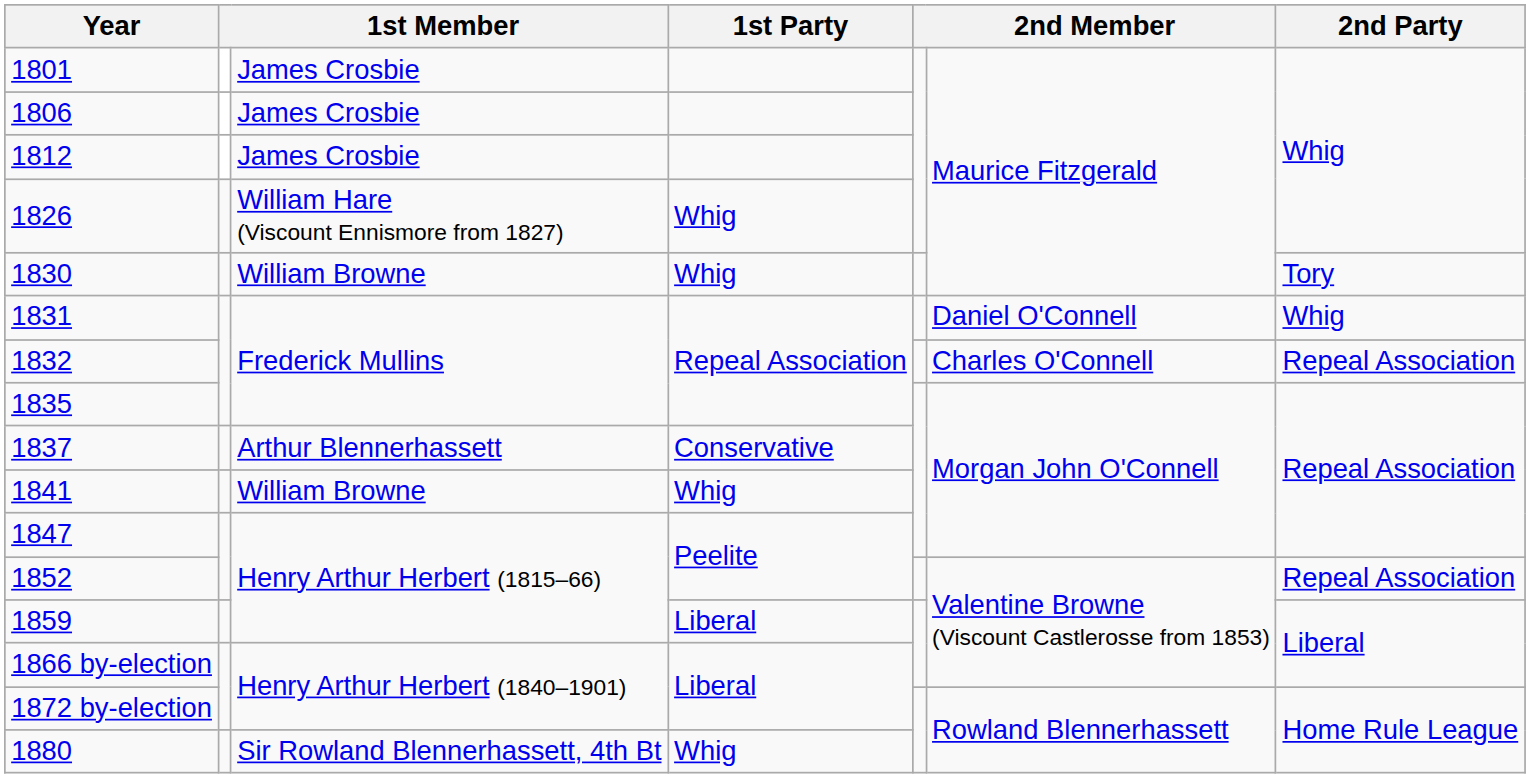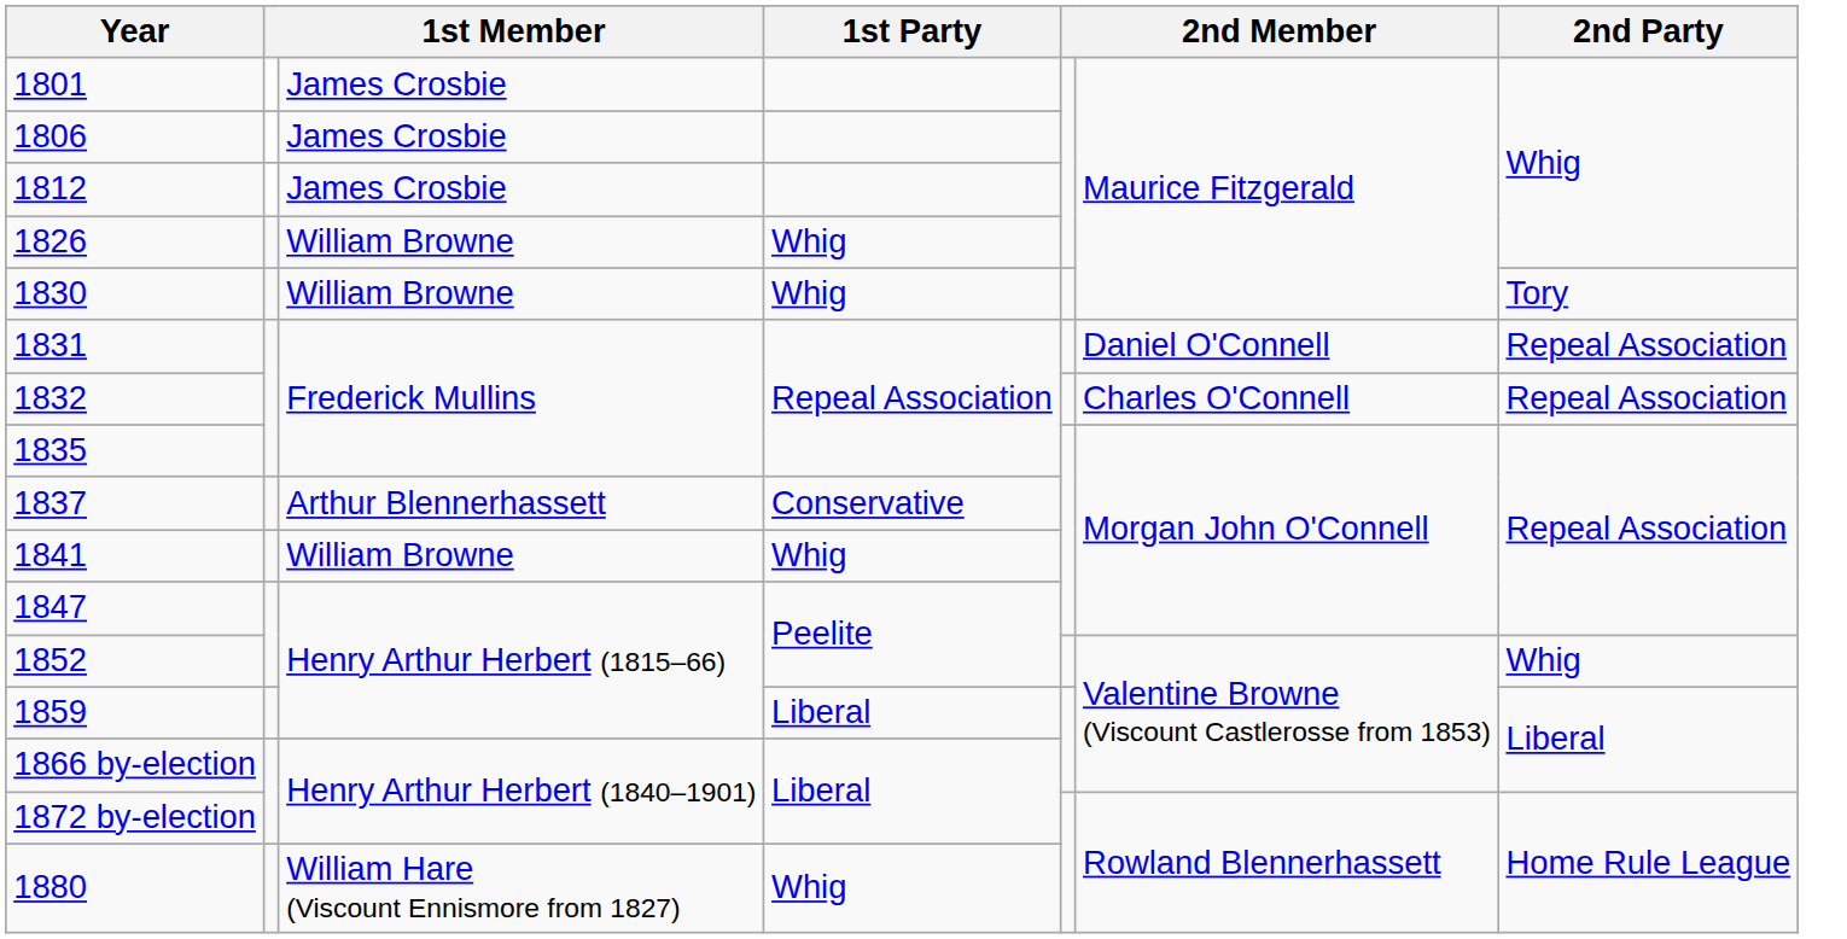 <table class="wikitable">
 <tr>
 <th>Year</th>
 <th colspan="2">1st Member</th>
 <th>1st Party</th>
 <th colspan="2">2nd Member</th>
 <th>2nd Party</th>
 </tr>
 <tr>
 <td><a href='#'>1801</a></td>
 <td style="color:inherit;background-color: white"></td>
 <td><a href='#'>James Crosbie</a></td>
 <td></td>
 <td rowspan="4" style="color:inherit;background-color: "></td>
 <td rowspan="5"><a href='#'>Maurice Fitzgerald</a></td>
 <td rowspan="4"><a href='#'>Whig</a></td>
 </tr>
 <tr>
 <td><a href='#'>1806</a></td>
 <td style="color:inherit;background-color: white"></td>
 <td><a href='#'>James Crosbie</a></td>
 <td></td>
 </tr>
 <tr>
 <td><a href='#'>1812</a></td>
 <td style="color:inherit;background-color: white"></td>
 <td><a href='#'>James Crosbie</a></td>
 <td></td>
 </tr>
 <tr>
 <td><a href='#'>1826</a></td>
 <td style="color:inherit;background-color: "></td>
-<td><a href='#'>William Hare</a><br><small>(Viscount Ennismore from 1827)</small></td>
+<td><a href='#'>William Browne</a></td>
 <td><a href='#'>Whig</a></td>
 </tr>
 <tr>
 <td><a href='#'>1830</a></td>
 <td style="color:inherit;background-color: "></td>
 <td><a href='#'>William Browne</a></td>
 <td><a href='#'>Whig</a></td>
 <td style="color:inherit;background-color: "></td>
 <td><a href='#'>Tory</a></td>
 </tr>
 <tr>
 <td><a href='#'>1831</a></td>
 <td rowspan="3" style="color:inherit;background-color: "></td>
 <td rowspan="3"><a href='#'>Frederick Mullins</a></td>
 <td rowspan="3"><a href='#'>Repeal Association</a></td>
 <td style="color:inherit;background-color: "></td>
 <td><a href='#'>Daniel O'Connell</a></td>
-<td><a href='#'>Whig</a></td>
+<td><a href='#'>Repeal Association</a></td>
 </tr>
 <tr>
 <td><a href='#'>1832</a></td>
 <td style="color:inherit;background-color: "></td>
 <td><a href='#'>Charles O'Connell</a></td>
 <td><a href='#'>Repeal Association</a></td>
 </tr>
 <tr>
 <td><a href='#'>1835</a></td>
 <td rowspan="4" style="color:inherit;background-color: "></td>
 <td rowspan="4"><a href='#'>Morgan John O'Connell</a></td>
 <td rowspan="4"><a href='#'>Repeal Association</a></td>
 </tr>
 <tr>
 <td><a href='#'>1837</a></td>
 <td style="color:inherit;background-color: "></td>
 <td><a href='#'>Arthur Blennerhassett</a></td>
 <td><a href='#'>Conservative</a></td>
 </tr>
 <tr>
 <td><a href='#'>1841</a></td>
 <td style="color:inherit;background-color: "></td>
 <td><a href='#'>William Browne</a></td>
 <td><a href='#'>Whig</a></td>
 </tr>
 <tr>
 <td><a href='#'>1847</a></td>
 <td rowspan="2" style="color:inherit;background-color: "></td>
 <td rowspan="3"><a href='#'>Henry Arthur Herbert</a> <small>(1815–66)</small></td>
 <td rowspan="2"><a href='#'>Peelite</a></td>
 </tr>
 <tr>
 <td><a href='#'>1852</a></td>
 <td style="color:inherit;background-color: "></td>
 <td rowspan="3"><a href='#'>Valentine Browne</a><br><small>(Viscount Castlerosse from 1853)</small></td>
-<td><a href='#'>Repeal Association</a></td>
+<td><a href='#'>Whig</a></td>
 </tr>
 <tr>
 <td><a href='#'>1859</a></td>
 <td style="color:inherit;background-color: "></td>
 <td><a href='#'>Liberal</a></td>
 <td rowspan="2" style="color:inherit;background-color: "></td>
 <td rowspan="2"><a href='#'>Liberal</a></td>
 </tr>
 <tr>
 <td><a href='#'>1866 by-election</a></td>
 <td rowspan="2" style="color:inherit;background-color: "></td>
 <td rowspan="2"><a href='#'>Henry Arthur Herbert</a> <small>(1840–1901)</small></td>
 <td rowspan="2"><a href='#'>Liberal</a></td>
 </tr>
 <tr>
 <td><a href='#'>1872 by-election</a></td>
 <td rowspan="2" style="color:inherit;background-color: "></td>
 <td rowspan="2"><a href='#'>Rowland Blennerhassett</a></td>
 <td rowspan="2"><a href='#'>Home Rule League</a></td>
 </tr>
 <tr>
 <td><a href='#'>1880</a></td>
 <td style="color:inherit;background-color: "></td>
-<td><a href='#'>Sir Rowland Blennerhassett, 4th Bt</a></td>
+<td><a href='#'>William Hare</a><br><small>(Viscount Ennismore from 1827)</small></td>
 <td><a href='#'>Whig</a></td>
 </tr>
 </table>
